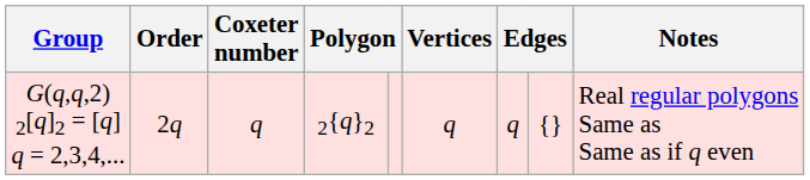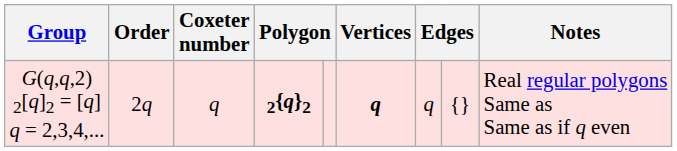 <table class="wikitable sortable">
 <tr>
 <th><a href='#'>Group</a></th>
 <th data-sort-type="number">Order</th>
 <th data-sort-type="number">Coxeter<br>number</th>
 <th colspan=2>Polygon</th>
 <th data-sort-type="number">Vertices</th>
 <th colspan=2 data-sort-type="number">Edges</th>
 <th>Notes</th>
 </tr>
 <tr align=center BGCOLOR="#ffe0e0">
 <td><em>G</em>(<em>q</em>,<em>q</em>,2)<br><sub>2</sub>[<em>q</em>]<sub>2</sub> = [<em>q</em>]<br><em>q</em> = 2,3,4,...</td>
 <td>2<em>q</em></td>
 <td><em>q</em></td>
-<td><sub>2</sub>{<em>q</em>}<sub>2</sub></td>
+<td><strong><sub>2</sub>{<em>q</em>}<sub>2</sub></strong></td>
 <td></td>
-<td><em>q</em></td>
+<td><strong><em>q</em></strong></td>
 <td><em>q</em></td>
 <td>{}</td>
 <td align=left>Real <a href='#'>regular polygons</a><br>Same as <br>Same as  if <em>q</em> even</td>
 </tr>
 </table>
